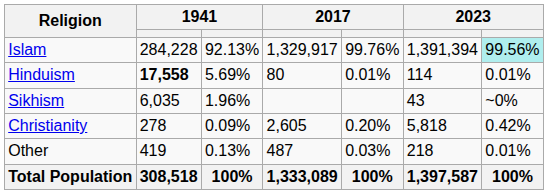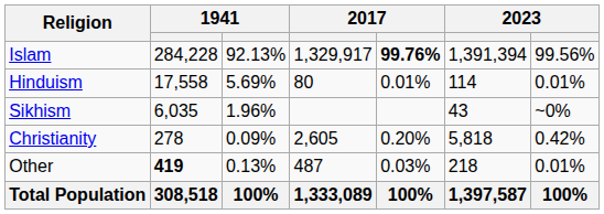 <table class="wikitable sortable">
 <tr>
 <th rowspan="2">Religion</th>
 <th colspan="2">1941</th>
 <th colspan="2">2017</th>
 <th colspan="2">2023</th>
 </tr>
 <tr>
 <th></th>
 <th></th>
 <th></th>
 <th></th>
 <th></th>
 <th></th>
 </tr>
 <tr>
 <td><a href='#'>Islam</a> </td>
 <td>284,228</td>
 <td>92.13%</td>
 <td>1,329,917</td>
-<td>99.76%</td>
+<td><strong>99.76%</strong></td>
 <td>1,391,394</td>
-<td style="background: paleturquoise;">99.56%</td>
+<td>99.56%</td>
 </tr>
 <tr>
 <td><a href='#'>Hinduism</a> </td>
-<td><strong>17,558</strong></td>
+<td>17,558</td>
 <td>5.69%</td>
 <td>80</td>
 <td>0.01%</td>
 <td>114</td>
 <td>0.01%</td>
 </tr>
 <tr>
 <td><a href='#'>Sikhism</a> </td>
 <td>6,035</td>
 <td>1.96%</td>
 <td></td>
 <td></td>
 <td>43</td>
 <td>~0%</td>
 </tr>
 <tr>
 <td><a href='#'>Christianity</a> </td>
 <td>278</td>
 <td>0.09%</td>
 <td>2,605</td>
 <td>0.20%</td>
 <td>5,818</td>
 <td>0.42%</td>
 </tr>
 <tr>
 <td>Other</td>
-<td>419</td>
+<td><strong>419</strong></td>
 <td>0.13%</td>
 <td>487</td>
 <td>0.03%</td>
 <td>218</td>
 <td>0.01%</td>
 </tr>
 <tr>
 <th>Total Population</th>
 <th>308,518</th>
 <th>100%</th>
 <th>1,333,089</th>
 <th>100%</th>
 <th>1,397,587</th>
 <th>100%</th>
 </tr>
 </table>
